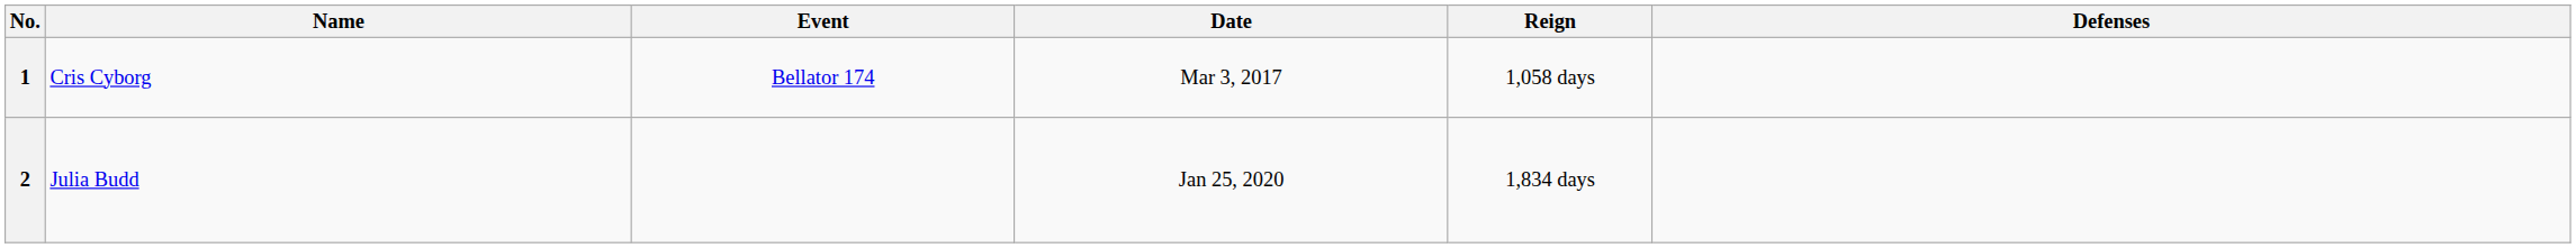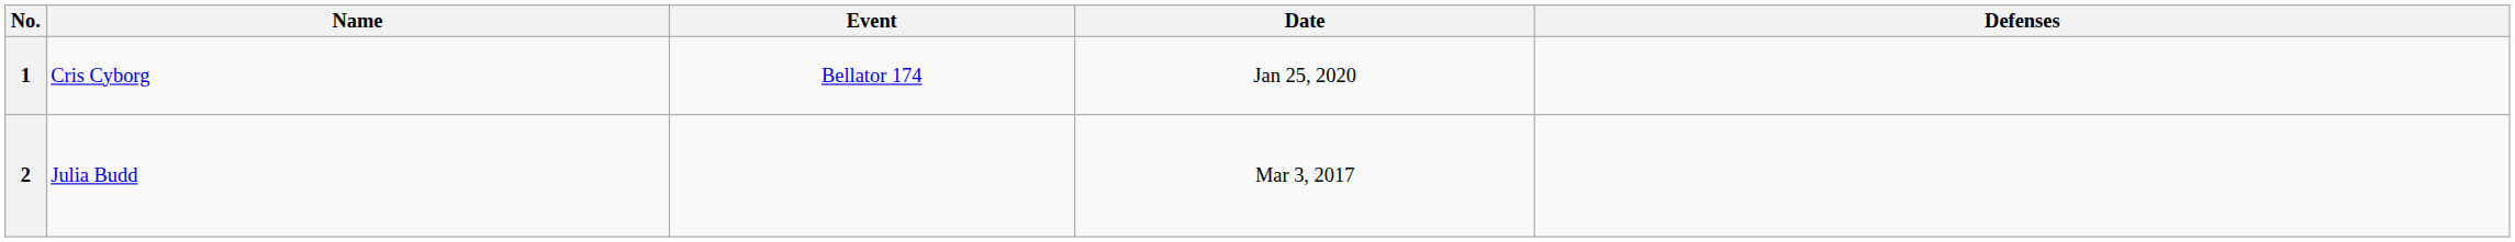 <table class="wikitable" width=100% style="text-align: center;">
 <tr>
 <th width=1%>No.</th>
 <th width=23%>Name</th>
 <th width=15%>Event</th>
 <th width=17%>Date</th>
-<th width=8%>Reign</th>
 <th width=36%>Defenses</th>
 </tr>
 <tr>
 <th>1</th>
 <td align=left> <a href='#'>Cris Cyborg</a></td>
 <td><a href='#'>Bellator 174</a><br></td>
-<td>Mar 3, 2017</td>
-<td>1,058 days</td>
+<td>Jan 25, 2020</td>
 <td align=left><br><br> <br> </td>
 </tr>
 <tr>
 <th>2</th>
 <td align=left> <a href='#'>Julia Budd</a><br></td>
 <td><br></td>
-<td>Jan 25, 2020</td>
-<td>1,834 days</td>
+<td>Mar 3, 2017</td>
 <td align=left><br><br> <br> <br> <br> </td>
 </tr>
 </table>
